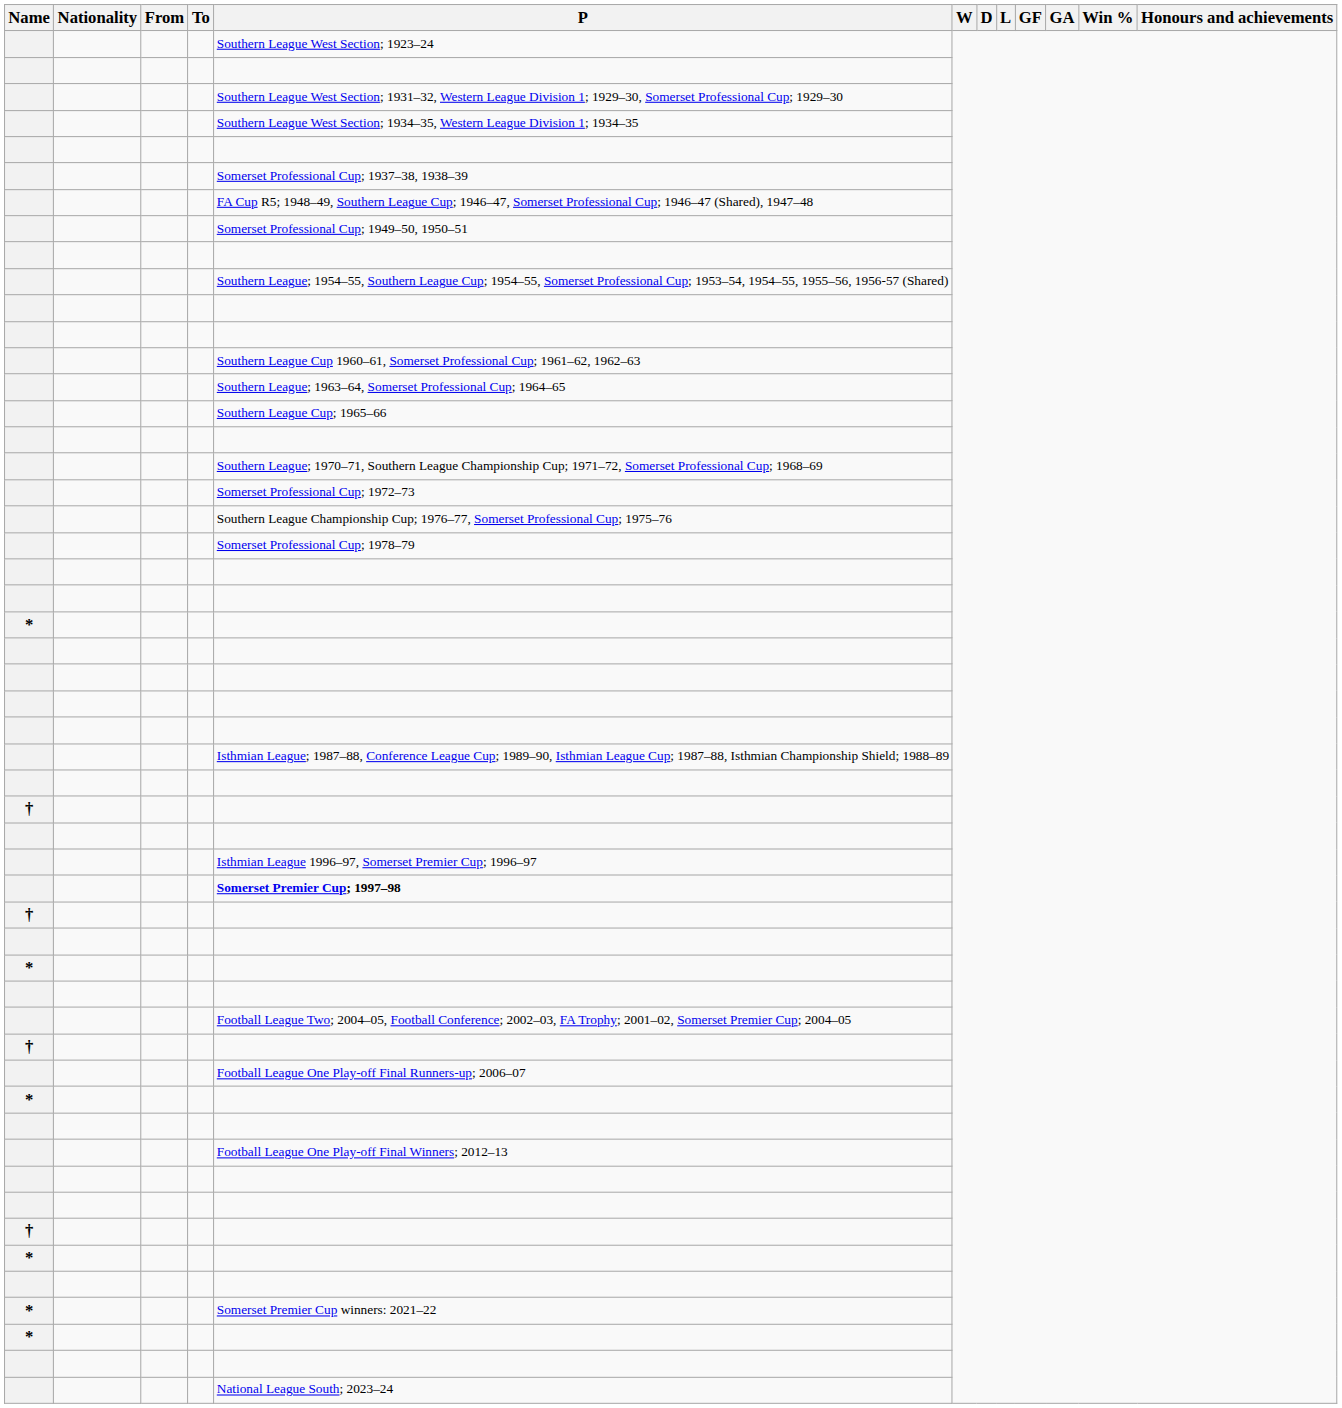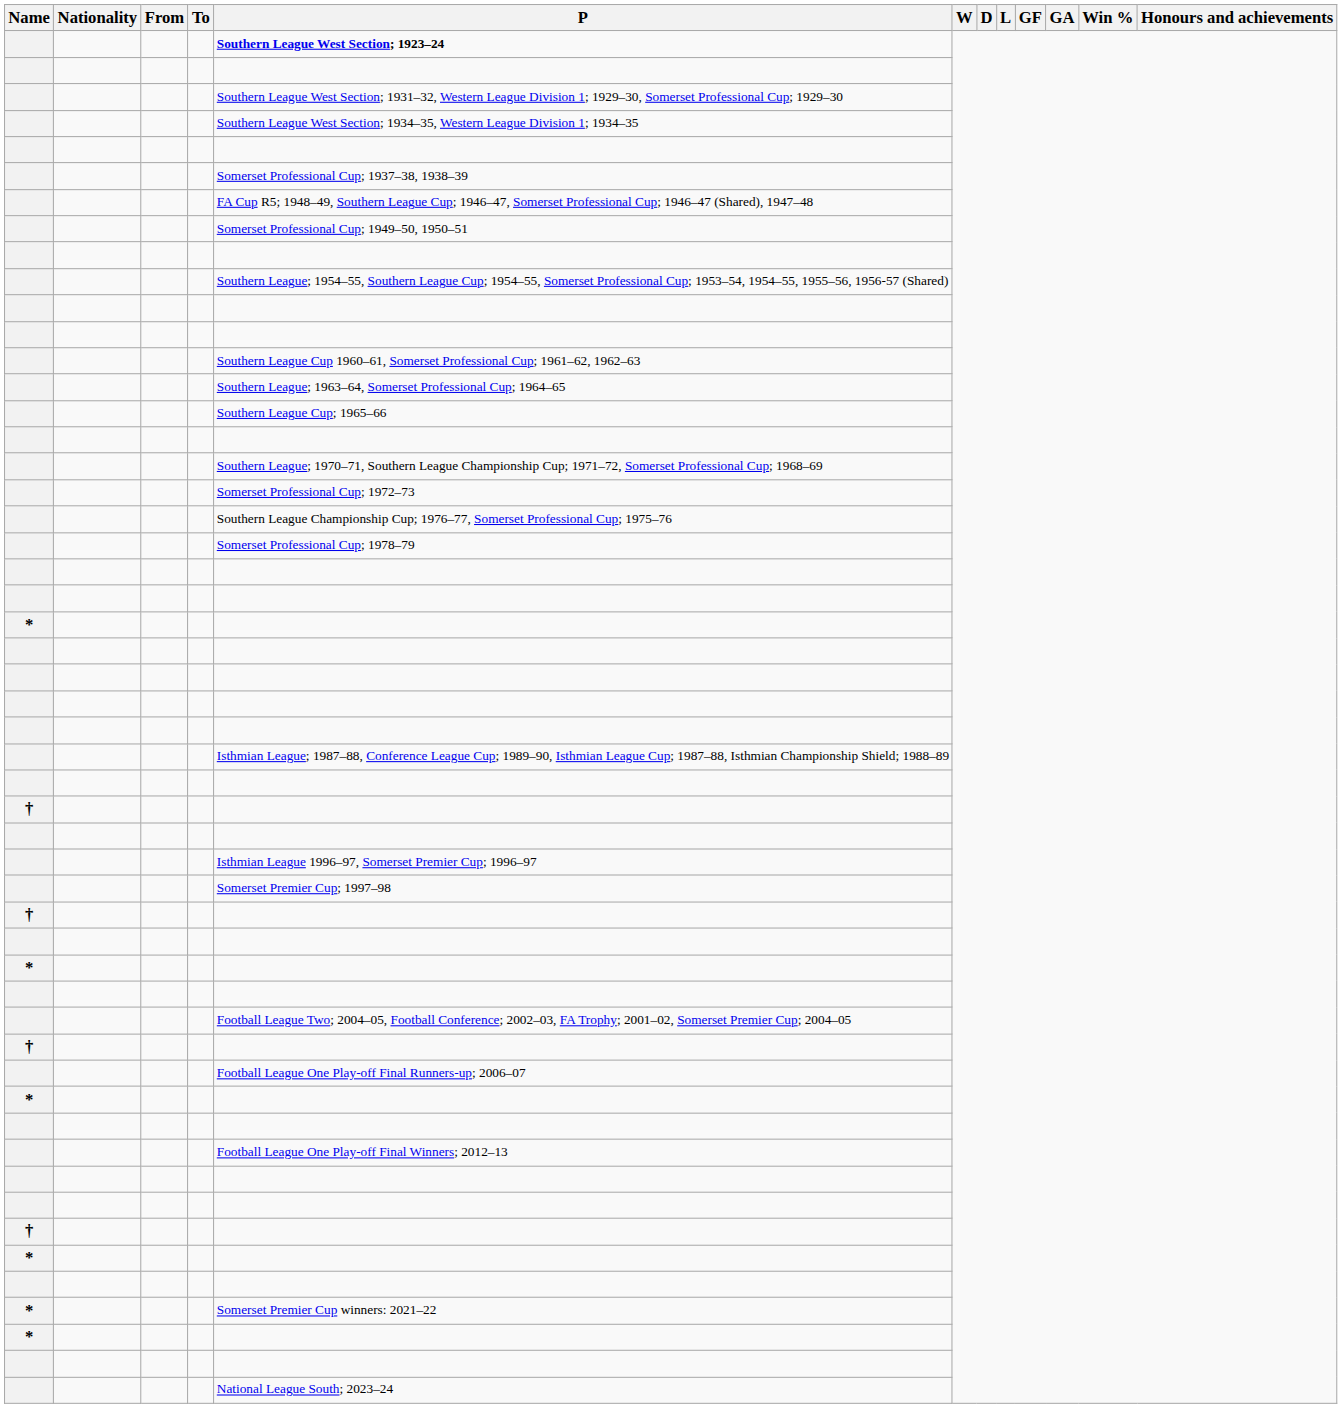 <table class="wikitable sortable plainrowheaders" style="text-align: center">
 <tr>
 <th scope=col>Name</th>
 <th scope=col>Nationality</th>
 <th scope=col>From</th>
 <th scope=col>To</th>
 <th scope=col>P</th>
 <th scope=col>W</th>
 <th scope=col>D</th>
 <th scope=col>L</th>
 <th scope=col>GF</th>
 <th scope=col>GA</th>
 <th scope=col>Win %</th>
 <th scope=col>Honours and achievements</th>
 </tr>
 <tr>
 <th scope=row></th>
 <td align=left></td>
 <td align=left></td>
 <td align=left><br></td>
-<td align=left style="font-size: 80%"><a href='#'>Southern League West Section</a>; 1923–24</td>
+<td align=left style="font-size: 80%"><strong><a href='#'>Southern League West Section</a>; 1923–24</strong></td>
 </tr>
 <tr>
 <th scope=row></th>
 <td align=left></td>
 <td align=left></td>
 <td align=left><br></td>
 <td align=left style="font-size: 80%"></td>
 </tr>
 <tr>
 <th scope=row></th>
 <td align=left></td>
 <td align=left></td>
 <td align=left><br></td>
 <td align=left style="font-size: 80%"><a href='#'>Southern League West Section</a>; 1931–32, <a href='#'>Western League Division 1</a>; 1929–30, <a href='#'>Somerset Professional Cup</a>; 1929–30</td>
 </tr>
 <tr>
 <th scope=row></th>
 <td align=left></td>
 <td align=left></td>
 <td align=left><br></td>
 <td align=left style="font-size: 80%"><a href='#'>Southern League West Section</a>; 1934–35, <a href='#'>Western League Division 1</a>; 1934–35</td>
 </tr>
 <tr>
 <th scope=row></th>
 <td align=left></td>
 <td align=left></td>
 <td align=left><br></td>
 <td align=left style="font-size: 80%"></td>
 </tr>
 <tr>
 <th scope=row></th>
 <td align=left></td>
 <td align=left></td>
 <td align=left><br></td>
 <td align=left style="font-size: 80%"><a href='#'>Somerset Professional Cup</a>; 1937–38, 1938–39</td>
 </tr>
 <tr>
 <th scope=row></th>
 <td align=left></td>
 <td align=left></td>
 <td align=left><br></td>
 <td align=left style="font-size: 80%"><a href='#'>FA Cup</a> R5; 1948–49, <a href='#'>Southern League Cup</a>; 1946–47, <a href='#'>Somerset Professional Cup</a>; 1946–47 (Shared), 1947–48</td>
 </tr>
 <tr>
 <th scope=row></th>
 <td align=left></td>
 <td align=left></td>
 <td align=left><br></td>
 <td align=left style="font-size: 80%"><a href='#'>Somerset Professional Cup</a>; 1949–50, 1950–51</td>
 </tr>
 <tr>
 <th scope=row></th>
 <td align=left></td>
 <td align=left></td>
 <td align=left><br></td>
 <td align=left style="font-size: 80%"></td>
 </tr>
 <tr>
 <th scope=row></th>
 <td align=left></td>
 <td align=left></td>
 <td align=left><br></td>
 <td align=left style="font-size: 80%"><a href='#'>Southern League</a>; 1954–55, <a href='#'>Southern League Cup</a>; 1954–55, <a href='#'>Somerset Professional Cup</a>; 1953–54, 1954–55, 1955–56, 1956-57 (Shared)</td>
 </tr>
 <tr>
 <th scope=row></th>
 <td align=left></td>
 <td align=left></td>
 <td align=left><br></td>
 <td align=left style="font-size: 80%"></td>
 </tr>
 <tr>
 <th scope=row></th>
 <td align=left></td>
 <td align=left></td>
 <td align=left><br></td>
 <td align=left style="font-size: 80%"></td>
 </tr>
 <tr>
 <th scope=row></th>
 <td align=left></td>
 <td align=left></td>
 <td align=left><br></td>
 <td align=left style="font-size: 80%"><a href='#'>Southern League Cup</a> 1960–61, <a href='#'>Somerset Professional Cup</a>; 1961–62, 1962–63</td>
 </tr>
 <tr>
 <th scope=row></th>
 <td align=left></td>
 <td align=left></td>
 <td align=left><br></td>
 <td align=left style="font-size: 80%"><a href='#'>Southern League</a>; 1963–64, <a href='#'>Somerset Professional Cup</a>; 1964–65</td>
 </tr>
 <tr>
 <th scope=row></th>
 <td align=left></td>
 <td align=left></td>
 <td align=left><br></td>
 <td align=left style="font-size: 80%"><a href='#'>Southern League Cup</a>; 1965–66</td>
 </tr>
 <tr>
 <th scope=row></th>
 <td align=left></td>
 <td align=left></td>
 <td align=left><br></td>
 <td align=left style="font-size: 80%"></td>
 </tr>
 <tr>
 <th scope=row></th>
 <td align=left></td>
 <td align=left></td>
 <td align=left><br></td>
 <td align=left style="font-size: 80%"><a href='#'>Southern League</a>; 1970–71, Southern League Championship Cup; 1971–72, <a href='#'>Somerset Professional Cup</a>; 1968–69</td>
 </tr>
 <tr>
 <th scope=row></th>
 <td align=left></td>
 <td align=left></td>
 <td align=left><br></td>
 <td align=left style="font-size: 80%"><a href='#'>Somerset Professional Cup</a>; 1972–73</td>
 </tr>
 <tr>
 <th scope=row></th>
 <td align=left></td>
 <td align=left></td>
 <td align=left><br></td>
 <td align=left style="font-size: 80%">Southern League Championship Cup; 1976–77, <a href='#'>Somerset Professional Cup</a>; 1975–76</td>
 </tr>
 <tr>
 <th scope=row></th>
 <td align=left></td>
 <td align=left></td>
 <td align=left><br></td>
 <td align=left style="font-size: 80%"><a href='#'>Somerset Professional Cup</a>; 1978–79</td>
 </tr>
 <tr>
 <th scope=row></th>
 <td align=left></td>
 <td align=left></td>
 <td align=left><br></td>
 <td align=left style="font-size: 80%"></td>
 </tr>
 <tr>
 <th scope=row></th>
 <td align=left></td>
 <td align=left></td>
 <td align=left><br></td>
 <td align=left style="font-size: 80%"></td>
 </tr>
 <tr>
 <th scope=row>*</th>
 <td align=left></td>
 <td align=left></td>
 <td align=left><br></td>
 <td align=left style="font-size: 80%"></td>
 </tr>
 <tr>
 <th scope=row></th>
 <td align=left></td>
 <td align=left></td>
 <td align=left><br></td>
 <td align=left style="font-size: 80%"></td>
 </tr>
 <tr>
 <th scope=row></th>
 <td align=left></td>
 <td align=left></td>
 <td align=left><br></td>
 <td align=left style="font-size: 80%"></td>
 </tr>
 <tr>
 <th scope=row></th>
 <td align=left></td>
 <td align=left></td>
 <td align=left><br></td>
 <td align=left style="font-size: 80%"></td>
 </tr>
 <tr>
 <th scope=row></th>
 <td></td>
 <td align=left></td>
 <td align=left><br></td>
 <td align=left style="font-size: 80%"></td>
 </tr>
 <tr>
 <th scope=row></th>
 <td align=left></td>
 <td align=left></td>
 <td align=left><br></td>
 <td align=left style="font-size: 80%"><a href='#'>Isthmian League</a>; 1987–88, <a href='#'>Conference League Cup</a>; 1989–90, <a href='#'>Isthmian League Cup</a>; 1987–88, Isthmian Championship Shield; 1988–89</td>
 </tr>
 <tr>
 <th scope=row></th>
 <td align=left></td>
 <td align=left></td>
 <td align=left><br></td>
 <td align=left style="font-size: 80%"></td>
 </tr>
 <tr>
 <th scope=row>†</th>
 <td align=left></td>
 <td align=left></td>
 <td align=left><br></td>
 <td align=left style="font-size: 80%"></td>
 </tr>
 <tr>
 <th scope=row></th>
 <td align=left></td>
 <td align=left></td>
 <td align=left><br></td>
 <td align=left style="font-size: 80%"></td>
 </tr>
 <tr>
 <th scope=row></th>
 <td align=left></td>
 <td align=left></td>
 <td align=left><br></td>
 <td align=left style="font-size: 80%"><a href='#'>Isthmian League</a> 1996–97, <a href='#'>Somerset Premier Cup</a>; 1996–97</td>
 </tr>
 <tr>
 <th scope=row></th>
 <td align=left></td>
 <td align=left></td>
 <td align=left><br></td>
-<td align=left style="font-size: 80%"><strong><a href='#'>Somerset Premier Cup</a>; 1997–98</strong></td>
+<td align=left style="font-size: 80%"><a href='#'>Somerset Premier Cup</a>; 1997–98</td>
 </tr>
 <tr>
 <th scope=row>†</th>
 <td align=left></td>
 <td align=left></td>
 <td align=left><br></td>
 <td align=left style="font-size: 80%"></td>
 </tr>
 <tr>
 <th scope=row></th>
 <td align=left></td>
 <td align=left></td>
 <td align=left><br></td>
 <td align=left style="font-size: 80%"></td>
 </tr>
 <tr>
 <th scope=row>*</th>
 <td align=left></td>
 <td align=left></td>
 <td align=left><br></td>
 <td align=left style="font-size: 80%"></td>
 </tr>
 <tr>
 <th scope=row></th>
 <td align=left></td>
 <td align=left></td>
 <td align=left><br></td>
 <td align=left style="font-size: 80%"></td>
 </tr>
 <tr>
 <th scope=row></th>
 <td align=left></td>
 <td align=left></td>
 <td align=left><br></td>
 <td align=left style="font-size: 80%"><a href='#'>Football League Two</a>; 2004–05, <a href='#'>Football Conference</a>; 2002–03, <a href='#'>FA Trophy</a>; 2001–02, <a href='#'>Somerset Premier Cup</a>; 2004–05</td>
 </tr>
 <tr>
 <th scope=row>†</th>
 <td align=left></td>
 <td align=left></td>
 <td align=left><br></td>
 <td align=left style="font-size: 80%"></td>
 </tr>
 <tr>
 <th scope=row></th>
 <td align=left></td>
 <td align=left></td>
 <td align=left><br></td>
 <td align=left style="font-size: 80%"><a href='#'>Football League One Play-off Final Runners-up</a>; 2006–07</td>
 </tr>
 <tr>
 <th scope=row>*</th>
 <td align=left></td>
 <td align=left></td>
 <td align=left><br></td>
 <td align=left styl-e="font-size: 80%"></td>
 </tr>
 <tr>
 <th scope=row></th>
 <td align=left></td>
 <td align=left></td>
 <td align=left><br></td>
 <td align=left style="font-size: 80%"></td>
 </tr>
 <tr>
 <th scope=row></th>
 <td align=left></td>
 <td align=left></td>
 <td align=left><br></td>
 <td align=left style="font-size: 80%"><a href='#'>Football League One Play-off Final Winners</a>; 2012–13</td>
 </tr>
 <tr>
 <th scope=row></th>
 <td align=left></td>
 <td align=left></td>
 <td align=left><br></td>
 <td align=left style="font-size: 80%"></td>
 </tr>
 <tr>
 <th scope=row></th>
 <td align=left></td>
 <td align=left></td>
 <td align=left><br></td>
 <td align=left style="font-size: 80%"></td>
 </tr>
 <tr>
 <th scope=row>†</th>
 <td align=left></td>
 <td align=left></td>
 <td align=left><br></td>
 <td align=left style="font-size: 80%"></td>
 </tr>
 <tr>
 <th scope=row>*</th>
 <td align=left></td>
 <td align=left></td>
 <td align=left><br></td>
 <td align=left style="font-size: 80%"></td>
 </tr>
 <tr>
 <th scope=row></th>
 <td align=left></td>
 <td align=left></td>
 <td align=left><br></td>
 <td align=left style="font-size: 80%"></td>
 </tr>
 <tr>
 <th scope=row>*</th>
 <td align=left></td>
 <td align=left></td>
 <td align=left><br></td>
 <td align=left style="font-size: 80%"><a href='#'>Somerset Premier Cup</a> winners: 2021–22</td>
 </tr>
 <tr>
 <th scope=row>*</th>
 <td align=left></td>
 <td align=left></td>
 <td align=left><br></td>
 <td align=left style="font-size: 80%"></td>
 </tr>
 <tr>
 <th scope=row></th>
 <td align=left></td>
 <td align=left></td>
 <td align=left><br></td>
 <td align=left style="font-size: 80%"></td>
 </tr>
 <tr>
 <th scope=row></th>
 <td align=left></td>
 <td align=left></td>
 <td align=left><br></td>
 <td align=left style="font-size: 80%"><a href='#'>National League South</a>; 2023–24</td>
 </tr>
 </table>
